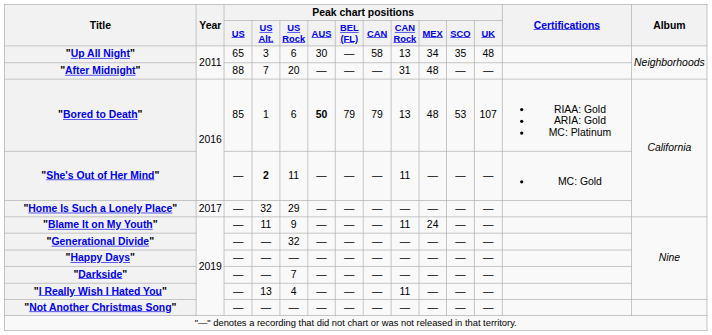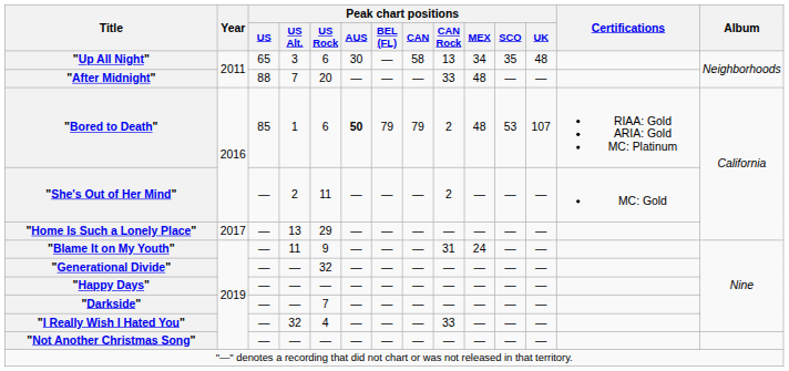 <table class="wikitable plainrowheaders" style="text-align:center;">
 <tr>
 <th scope="col" rowspan="2" style="width:18em;">Title</th>
 <th scope="col" rowspan="2">Year</th>
 <th scope="col" colspan="10">Peak chart positions</th>
 <th scope="col" rowspan="2" style="width:12em;"><a href='#'>Certifications</a></th>
 <th scope="col" rowspan="2">Album</th>
 </tr>
 <tr>
 <th scope="col" style="width:2.5em;font-size:90%;"><a href='#'>US</a><br></th>
 <th scope="col" style="width:2.5em;font-size:90%;"><a href='#'>US<br>Alt.</a><br></th>
 <th scope="col" style="width:2.5em;font-size:90%;"><a href='#'>US<br>Rock</a><br></th>
 <th scope="col" style="width:2.5em;font-size:90%;"><a href='#'>AUS</a><br></th>
 <th scope="col" style="width:2.5em;font-size:90%;"><a href='#'>BEL<br>(FL)</a><br></th>
 <th scope="col" style="width:2.5em;font-size:90%;"><a href='#'>CAN</a><br></th>
 <th scope="col" style="width:2.5em;font-size:90%;"><a href='#'>CAN<br>Rock</a><br></th>
 <th scope="col" style="width:2.5em;font-size:90%;"><a href='#'>MEX</a><br></th>
 <th scope="col" style="width:2.5em;font-size:90%;"><a href='#'>SCO</a><br></th>
 <th scope="col" style="width:2.5em;font-size:90%;"><a href='#'>UK</a><br></th>
 </tr>
 <tr>
 <th scope="row">"<a href='#'>Up All Night</a>"</th>
 <td rowspan="2">2011</td>
 <td>65</td>
 <td>3</td>
 <td>6</td>
 <td>30</td>
 <td>—</td>
 <td>58</td>
 <td>13</td>
 <td>34</td>
 <td>35</td>
 <td>48</td>
 <td></td>
 <td rowspan="2"><em>Neighborhoods</em></td>
 </tr>
 <tr>
 <th scope="row">"<a href='#'>After Midnight</a>"</th>
 <td>88</td>
 <td>7</td>
 <td>20</td>
 <td>—</td>
 <td>—</td>
 <td>—</td>
-<td>31</td>
+<td>33</td>
 <td>48</td>
 <td>—</td>
 <td>—</td>
 <td></td>
 </tr>
 <tr>
 <th scope="row">"<a href='#'>Bored to Death</a>"</th>
 <td rowspan="2">2016</td>
 <td>85</td>
 <td>1</td>
 <td>6</td>
 <td><strong>50</strong></td>
 <td>79</td>
 <td>79</td>
-<td>13</td>
+<td>2</td>
 <td>48</td>
 <td>53</td>
 <td>107</td>
 <td><br><ul><li>RIAA: Gold</li><li>ARIA: Gold</li><li>MC: Platinum</li></ul></td>
 <td rowspan="3"><em>California</em></td>
 </tr>
 <tr>
 <th scope="row">"<a href='#'>She's Out of Her Mind</a>"</th>
 <td>—</td>
-<td><strong>2</strong></td>
+<td>2</td>
 <td>11</td>
 <td>—</td>
 <td>—</td>
 <td>—</td>
-<td>11</td>
+<td>2</td>
 <td>—</td>
 <td>—</td>
 <td>—</td>
 <td><br><ul><li>MC: Gold</li></ul></td>
 </tr>
 <tr>
 <th scope="row">"<a href='#'>Home Is Such a Lonely Place</a>"</th>
 <td>2017</td>
 <td>—</td>
-<td>32</td>
+<td>13</td>
 <td>29</td>
 <td>—</td>
 <td>—</td>
 <td>—</td>
 <td>—</td>
 <td>—</td>
 <td>—</td>
 <td>—</td>
 <td></td>
 </tr>
 <tr>
 <th scope="row">"<a href='#'>Blame It on My Youth</a>"</th>
 <td rowspan="6">2019</td>
 <td>—</td>
 <td>11</td>
 <td>9</td>
 <td>—</td>
 <td>—</td>
 <td>—</td>
-<td>11</td>
+<td>31</td>
 <td>24</td>
 <td>—</td>
 <td>—</td>
 <td></td>
 <td rowspan="5"><em>Nine</em></td>
 </tr>
 <tr>
 <th scope="row">"<a href='#'>Generational Divide</a>"</th>
 <td>—</td>
 <td>—</td>
 <td>32</td>
 <td>—</td>
 <td>—</td>
 <td>—</td>
 <td>—</td>
 <td>—</td>
 <td>—</td>
 <td>—</td>
 <td></td>
 </tr>
 <tr>
 <th scope="row">"<a href='#'>Happy Days</a>"</th>
 <td>—</td>
 <td>—</td>
 <td>—</td>
 <td>—</td>
 <td>—</td>
 <td>—</td>
 <td>—</td>
 <td>—</td>
 <td>—</td>
 <td>—</td>
 <td></td>
 </tr>
 <tr>
 <th scope="row">"<a href='#'>Darkside</a>"</th>
 <td>—</td>
 <td>—</td>
 <td>7</td>
 <td>—</td>
 <td>—</td>
 <td>—</td>
 <td>—</td>
 <td>—</td>
 <td>—</td>
 <td>—</td>
 <td></td>
 </tr>
 <tr>
 <th scope="row">"<a href='#'>I Really Wish I Hated You</a>"</th>
 <td>—</td>
-<td>13</td>
+<td>32</td>
 <td>4</td>
 <td>—</td>
 <td>—</td>
 <td>—</td>
-<td>11</td>
+<td>33</td>
 <td>—</td>
 <td>—</td>
 <td>—</td>
 <td></td>
 </tr>
 <tr>
 <th scope="row">"<a href='#'>Not Another Christmas Song</a>"</th>
 <td>—</td>
 <td>—</td>
 <td>—</td>
 <td>—</td>
 <td>—</td>
 <td>—</td>
 <td>—</td>
 <td>—</td>
 <td>—</td>
 <td>—</td>
 <td></td>
 <td></td>
 </tr>
 <tr>
 <td colspan="15" style="font-size:90%">"—" denotes a recording that did not chart or was not released in that territory.</td>
 </tr>
 </table>
